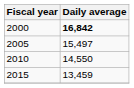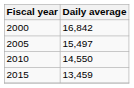 <table class="wikitable">
 <tr>
 <th>Fiscal year</th>
 <th>Daily average</th>
 </tr>
 <tr>
 <td>2000</td>
-<td><strong>16,842</strong></td>
+<td>16,842</td>
 </tr>
 <tr>
 <td>2005</td>
 <td>15,497</td>
 </tr>
 <tr>
 <td>2010</td>
 <td>14,550</td>
 </tr>
 <tr>
 <td>2015</td>
 <td>13,459</td>
 </tr>
 <tr>
 </tr>
 </table>
